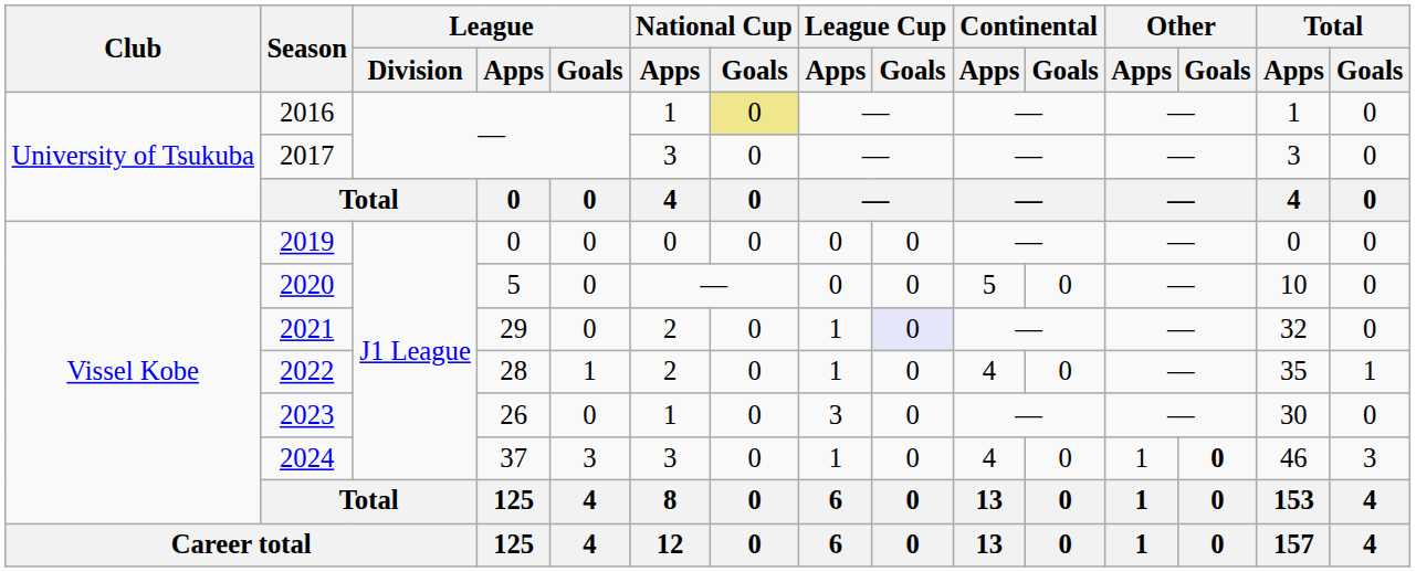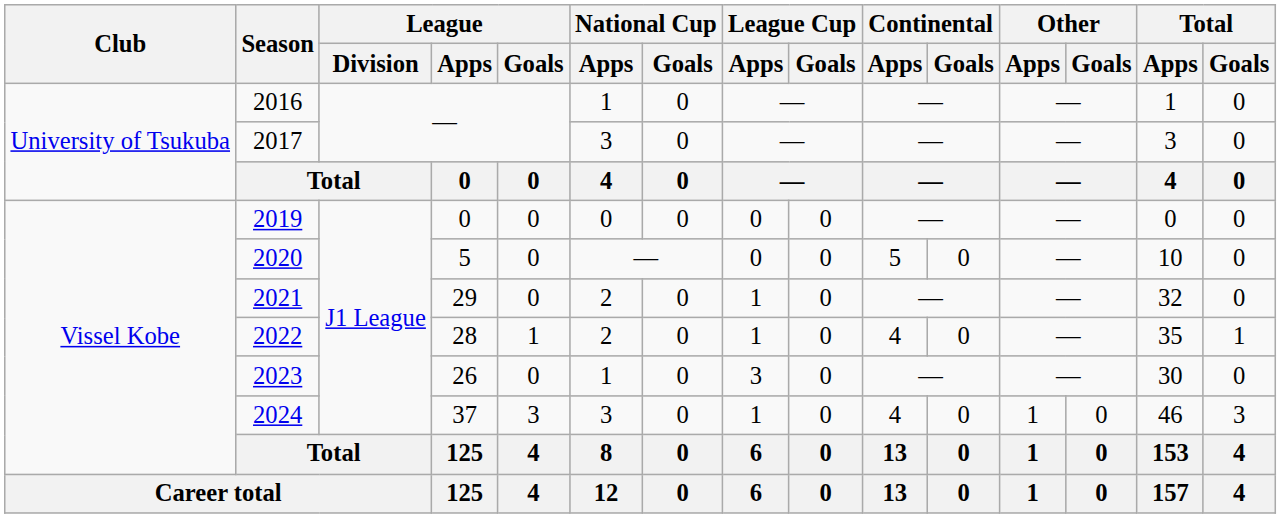 <table class="wikitable" style="text-align: center">
 <tr>
 <th rowspan="2">Club</th>
 <th rowspan="2">Season</th>
 <th colspan="3">League</th>
 <th colspan="2">National Cup</th>
 <th colspan="2">League Cup</th>
 <th colspan="2">Continental</th>
 <th colspan="2">Other</th>
 <th colspan="2">Total</th>
 </tr>
 <tr>
 <th>Division</th>
 <th>Apps</th>
 <th>Goals</th>
 <th>Apps</th>
 <th>Goals</th>
 <th>Apps</th>
 <th>Goals</th>
 <th>Apps</th>
 <th>Goals</th>
 <th>Apps</th>
 <th>Goals</th>
 <th>Apps</th>
 <th>Goals</th>
 </tr>
 <tr>
 <td rowspan="3"><a href='#'>University of Tsukuba</a></td>
 <td>2016</td>
 <td rowspan="2" colspan="3">—</td>
 <td>1</td>
-<td style="background: khaki;">0</td>
+<td>0</td>
 <td colspan="2">—</td>
 <td colspan="2">—</td>
 <td colspan="2">—</td>
 <td>1</td>
 <td>0</td>
 </tr>
 <tr>
 <td>2017</td>
 <td>3</td>
 <td>0</td>
 <td colspan="2">—</td>
 <td colspan="2">—</td>
 <td colspan="2">—</td>
 <td>3</td>
 <td>0</td>
 </tr>
 <tr>
 <th colspan=2>Total</th>
 <th>0</th>
 <th>0</th>
 <th>4</th>
 <th>0</th>
 <th colspan="2">—</th>
 <th colspan="2">—</th>
 <th colspan="2">—</th>
 <th>4</th>
 <th>0</th>
 </tr>
 <tr>
 <td rowspan="7"><a href='#'>Vissel Kobe</a></td>
 <td><a href='#'>2019</a></td>
 <td rowspan="6"><a href='#'>J1 League</a></td>
 <td>0</td>
 <td>0</td>
 <td>0</td>
 <td>0</td>
 <td>0</td>
 <td>0</td>
 <td colspan="2">—</td>
 <td colspan="2">—</td>
 <td>0</td>
 <td>0</td>
 </tr>
 <tr>
 <td><a href='#'>2020</a></td>
 <td>5</td>
 <td>0</td>
 <td colspan="2">—</td>
 <td>0</td>
 <td>0</td>
 <td>5</td>
 <td>0</td>
 <td colspan="2">—</td>
 <td>10</td>
 <td>0</td>
 </tr>
 <tr>
 <td><a href='#'>2021</a></td>
 <td>29</td>
 <td>0</td>
 <td>2</td>
 <td>0</td>
 <td>1</td>
-<td style="background: lavender;">0</td>
+<td>0</td>
 <td colspan="2">—</td>
 <td colspan="2">—</td>
 <td>32</td>
 <td>0</td>
 </tr>
 <tr>
 <td><a href='#'>2022</a></td>
 <td>28</td>
 <td>1</td>
 <td>2</td>
 <td>0</td>
 <td>1</td>
 <td>0</td>
 <td>4</td>
 <td>0</td>
 <td colspan="2">—</td>
 <td>35</td>
 <td>1</td>
 </tr>
 <tr>
 <td><a href='#'>2023</a></td>
 <td>26</td>
 <td>0</td>
 <td>1</td>
 <td>0</td>
 <td>3</td>
 <td>0</td>
 <td colspan="2">—</td>
 <td colspan="2">—</td>
 <td>30</td>
 <td>0</td>
 </tr>
 <tr>
 <td><a href='#'>2024</a></td>
 <td>37</td>
 <td>3</td>
 <td>3</td>
 <td>0</td>
 <td>1</td>
 <td>0</td>
 <td>4</td>
 <td>0</td>
 <td>1</td>
-<td><strong>0</strong></td>
+<td>0</td>
 <td>46</td>
 <td>3</td>
 </tr>
 <tr>
 <th colspan=2>Total</th>
 <th>125</th>
 <th>4</th>
 <th>8</th>
 <th>0</th>
 <th>6</th>
 <th>0</th>
 <th>13</th>
 <th>0</th>
 <th>1</th>
 <th>0</th>
 <th>153</th>
 <th>4</th>
 </tr>
 <tr>
 <th colspan=3>Career total</th>
 <th>125</th>
 <th>4</th>
 <th>12</th>
 <th>0</th>
 <th>6</th>
 <th>0</th>
 <th>13</th>
 <th>0</th>
 <th>1</th>
 <th>0</th>
 <th>157</th>
 <th>4</th>
 </tr>
 </table>
